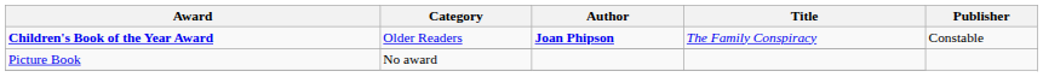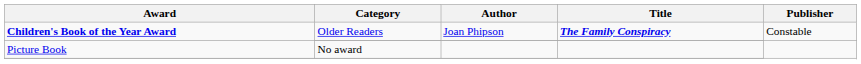 <table class="wikitable" width=95%>
 <tr>
 <th>Award</th>
 <th>Category</th>
 <th>Author</th>
 <th>Title</th>
 <th>Publisher</th>
 </tr>
 <tr>
 <td rowspan=2><strong><a href='#'>Children's Book of the Year Award</a></strong></td>
 <td><a href='#'>Older Readers</a></td>
-<td><strong><a href='#'>Joan Phipson</a></strong></td>
-<td><em><a href='#'>The Family Conspiracy</a></em></td>
+<td><a href='#'>Joan Phipson</a></td>
+<td><strong><em><a href='#'>The Family Conspiracy</a></em></strong></td>
 <td>Constable</td>
 </tr>
 <tr>
 </tr>
 <tr>
 <td><a href='#'>Picture Book</a></td>
 <td>No award</td>
 <td></td>
 <td></td>
 </tr>
 <tr>
 </tr>
 </table>
